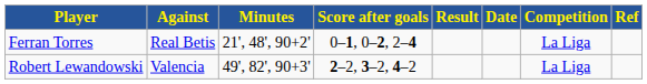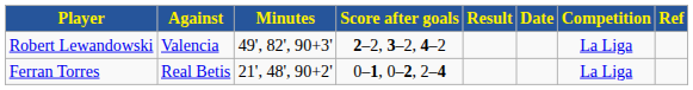 <table class="wikitable">
 <tr>
 <th style="background:#26559B;color:#FFF000;">Player</th>
 <th style="background:#26559B;color:#FFF000;">Against</th>
 <th style="background:#26559B;color:#FFF000;">Minutes</th>
 <th style="background:#26559B;color:#FFF000;">Score after goals</th>
 <th style="background:#26559B;color:#FFF000;">Result</th>
 <th style="background:#26559B;color:#FFF000;">Date</th>
 <th style="background:#26559B;color:#FFF000;">Competition</th>
 <th style="background:#26559B;color:#FFF000;">Ref</th>
 </tr>
 <tr>
+<td> <a href='#'>Robert Lewandowski</a></td>
+<td> <a href='#'>Valencia</a></td>
+<td style="text-align:center">49', 82', 90+3'</td>
+<td style="text-align:center"><strong>2</strong>–2, <strong>3</strong>–2, <strong>4</strong>–2</td>
+<td style="text-align:center"></td>
+<td style="text-align:center"></td>
+<td style="text-align:center"><a href='#'>La Liga</a></td>
+<td style="text-align:center"></td>
+</tr>
+<tr>
 <td> <a href='#'>Ferran Torres</a></td>
 <td> <a href='#'>Real Betis</a></td>
 <td style="text-align:center">21', 48', 90+2'</td>
 <td style="text-align:center">0–<strong>1</strong>, 0–<strong>2</strong>, 2–<strong>4</strong></td>
 <td style="text-align:center"></td>
 <td style="text-align:center"></td>
 <td style="text-align:center"><a href='#'>La Liga</a></td>
 <td style="text-align:center"></td>
 </tr>
-<tr>
-<td> <a href='#'>Robert Lewandowski</a></td>
-<td> <a href='#'>Valencia</a></td>
-<td style="text-align:center">49', 82', 90+3'</td>
-<td style="text-align:center"><strong>2</strong>–2, <strong>3</strong>–2, <strong>4</strong>–2</td>
-<td style="text-align:center"></td>
-<td style="text-align:center"></td>
-<td style="text-align:center"><a href='#'>La Liga</a></td>
-<td style="text-align:center"></td>
-</tr>
 </table>
